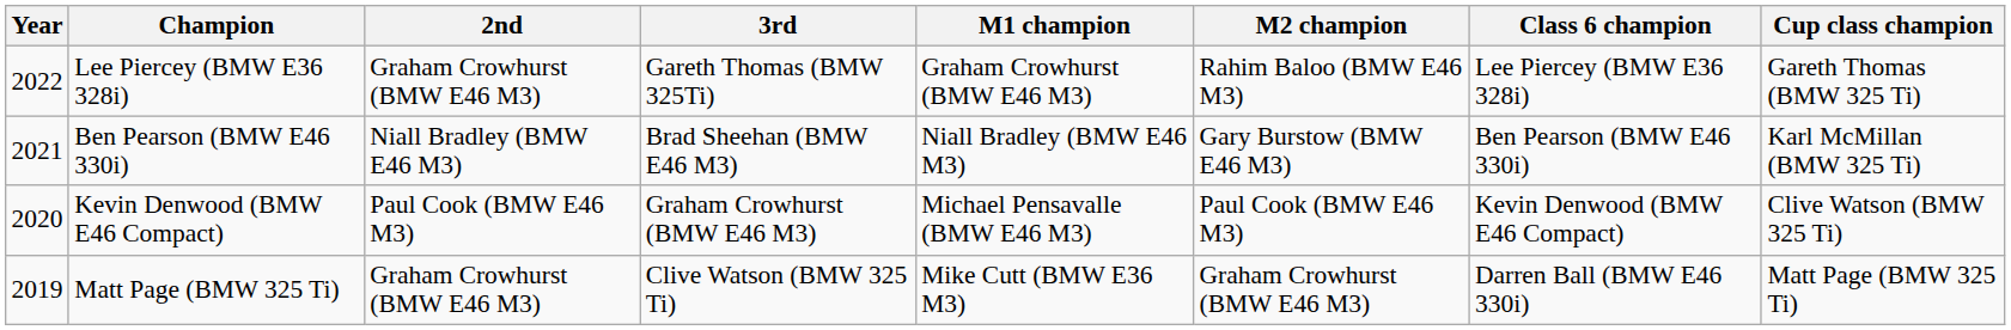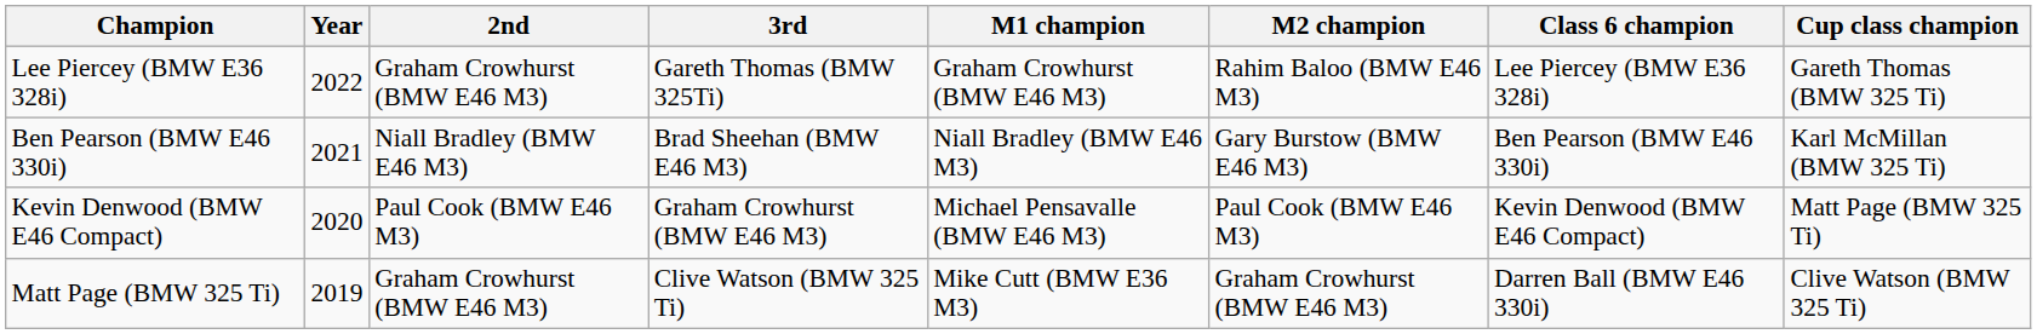 <table class="wikitable">
 <tr>
+<th>Champion</th>
 <th>Year</th>
-<th>Champion</th>
 <th>2nd</th>
 <th>3rd</th>
 <th>M1 champion</th>
 <th>M2 champion</th>
 <th>Class 6 champion</th>
 <th>Cup class champion</th>
 </tr>
 <tr>
+<td>Lee Piercey (BMW E36 328i)</td>
 <td>2022</td>
-<td>Lee Piercey (BMW E36 328i)</td>
 <td>Graham Crowhurst (BMW E46 M3)</td>
 <td>Gareth Thomas (BMW 325Ti)</td>
 <td>Graham Crowhurst (BMW E46 M3)</td>
 <td>Rahim Baloo (BMW E46 M3)</td>
 <td>Lee Piercey (BMW E36 328i)</td>
 <td>Gareth Thomas (BMW 325 Ti)</td>
 </tr>
 <tr>
+<td>Ben Pearson (BMW E46 330i)</td>
 <td>2021</td>
-<td>Ben Pearson (BMW E46 330i)</td>
 <td>Niall Bradley (BMW E46 M3)</td>
 <td>Brad Sheehan (BMW E46 M3)</td>
 <td>Niall Bradley (BMW E46 M3)</td>
 <td>Gary Burstow (BMW E46 M3)</td>
 <td>Ben Pearson (BMW E46 330i)</td>
 <td>Karl McMillan (BMW 325 Ti)</td>
 </tr>
 <tr>
+<td>Kevin Denwood (BMW E46 Compact)</td>
 <td>2020</td>
-<td>Kevin Denwood (BMW E46 Compact)</td>
 <td>Paul Cook (BMW E46 M3)</td>
 <td>Graham Crowhurst (BMW E46 M3)</td>
 <td>Michael Pensavalle (BMW E46 M3)</td>
 <td>Paul Cook (BMW E46 M3)</td>
 <td>Kevin Denwood (BMW E46 Compact)</td>
-<td>Clive Watson (BMW 325 Ti)</td>
+<td>Matt Page (BMW 325 Ti)</td>
 </tr>
 <tr>
+<td>Matt Page (BMW 325 Ti)</td>
 <td>2019</td>
-<td>Matt Page (BMW 325 Ti)</td>
 <td>Graham Crowhurst (BMW E46 M3)</td>
 <td>Clive Watson (BMW 325 Ti)</td>
 <td>Mike Cutt (BMW E36 M3)</td>
 <td>Graham Crowhurst (BMW E46 M3)</td>
 <td>Darren Ball (BMW E46 330i)</td>
-<td>Matt Page (BMW 325 Ti)</td>
+<td>Clive Watson (BMW 325 Ti)</td>
 </tr>
 </table>
